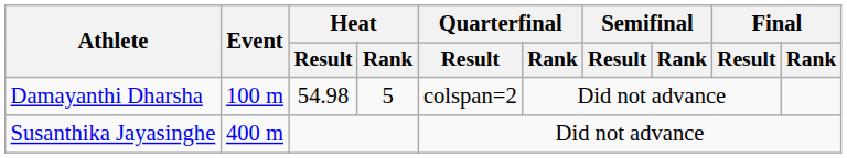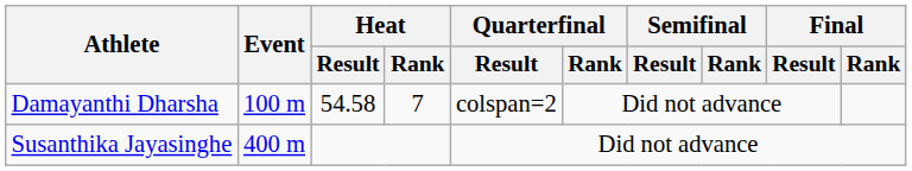 <table class=wikitable style="font-size:90%">
 <tr>
 <th rowspan="2">Athlete</th>
 <th rowspan="2">Event</th>
 <th colspan="2">Heat</th>
 <th colspan="2">Quarterfinal</th>
 <th colspan="2">Semifinal</th>
 <th colspan="2">Final</th>
 </tr>
 <tr style="font-size:95%">
 <th>Result</th>
 <th>Rank</th>
 <th>Result</th>
 <th>Rank</th>
 <th>Result</th>
 <th>Rank</th>
 <th>Result</th>
 <th>Rank</th>
 </tr>
 <tr align=center>
 <td align=left><a href='#'>Damayanthi Dharsha</a></td>
 <td align=left><a href='#'>100 m</a></td>
-<td>54.98</td>
-<td>5</td>
+<td>54.58</td>
+<td>7</td>
 <td>colspan=2 </td>
 <td colspan=4>Did not advance</td>
 </tr>
 <tr align=center>
 <td align=left><a href='#'>Susanthika Jayasinghe</a></td>
 <td align=left><a href='#'>400 m</a></td>
 <td colspan=2></td>
 <td colspan=6>Did not advance</td>
 </tr>
 </table>
